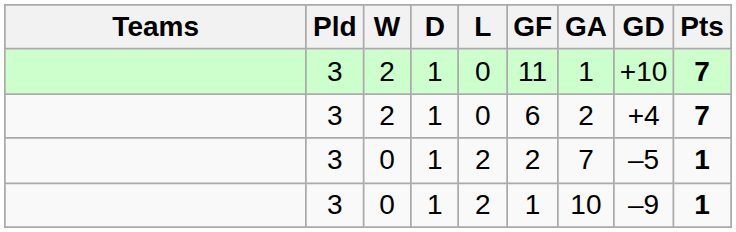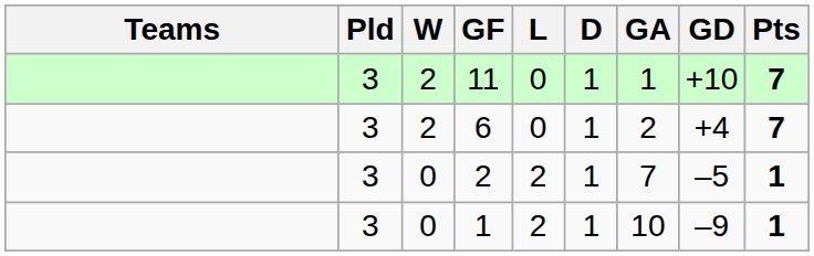 <table class="wikitable" style="text-align: center;">
 <tr>
 <th width=165>Teams</th>
 <th width=20>Pld</th>
 <th width=20>W</th>
+<th width=20>GF</th>
+<th width=20>L</th>
 <th width=20>D</th>
-<th width=20>L</th>
-<th width=20>GF</th>
 <th width=20>GA</th>
 <th width=20>GD</th>
 <th width=20>Pts</th>
 </tr>
 <tr align=center style="background:#ccffcc;">
 <td style="text-align:left;"></td>
 <td>3</td>
 <td>2</td>
+<td>11</td>
+<td>0</td>
 <td>1</td>
-<td>0</td>
-<td>11</td>
 <td>1</td>
 <td>+10</td>
 <td><strong>7</strong></td>
 </tr>
 <tr align=center>
 <td style="text-align:left;"></td>
 <td>3</td>
 <td>2</td>
+<td>6</td>
+<td>0</td>
 <td>1</td>
-<td>0</td>
-<td>6</td>
 <td>2</td>
 <td>+4</td>
 <td><strong>7</strong></td>
 </tr>
 <tr align=center>
 <td style="text-align:left;"></td>
 <td>3</td>
 <td>0</td>
-<td>1</td>
 <td>2</td>
 <td>2</td>
+<td>1</td>
 <td>7</td>
 <td>–5</td>
 <td><strong>1</strong></td>
 </tr>
 <tr align=center>
 <td style="text-align:left;"></td>
 <td>3</td>
 <td>0</td>
 <td>1</td>
 <td>2</td>
 <td>1</td>
 <td>10</td>
 <td>–9</td>
 <td><strong>1</strong></td>
 </tr>
 </table>
